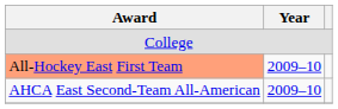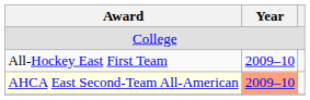 <table class="wikitable">
 <tr>
 <th>Award</th>
 <th>Year</th>
 <th></th>
 </tr>
 <tr ALIGN="center" bgcolor="#e0e0e0">
 <td colspan="3"><a href='#'>College</a></td>
 </tr>
 <tr>
-<td style="background: lightsalmon;">All-<a href='#'>Hockey East</a> <a href='#'>First Team</a></td>
+<td>All-<a href='#'>Hockey East</a> <a href='#'>First Team</a></td>
 <td><a href='#'>2009–10</a></td>
 <td></td>
 </tr>
 <tr>
-<td><a href='#'>AHCA</a> <a href='#'>East Second-Team All-American</a></td>
-<td><a href='#'>2009–10</a></td>
+<td style="background: lightyellow;"><a href='#'>AHCA</a> <a href='#'>East Second-Team All-American</a></td>
+<td style="background: lightsalmon;"><a href='#'>2009–10</a></td>
 <td></td>
 </tr>
 <tr>
 </tr>
 </table>
